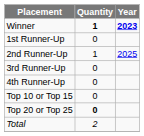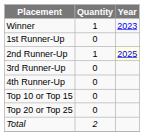 <table class="wikitable"style="font-size: 90%;">
 <tr>
 <th style="background-color:#787878;color:#FFFFFF;">Placement</th>
 <th style="background-color:#787878;color:#FFFFFF;">Quantity</th>
 <th style="background-color:#787878;color:#FFFFFF;">Year</th>
 </tr>
 <tr>
 <td>Winner</td>
-<td style="text-align:center;"><strong>1</strong></td>
-<td><strong><a href='#'>2023</a></strong></td>
+<td style="text-align:center;">1</td>
+<td><a href='#'>2023</a></td>
 </tr>
 <tr>
 <td>1st Runner-Up</td>
 <td style="text-align:center;">0</td>
 <td></td>
 </tr>
 <tr>
 <td>2nd Runner-Up</td>
 <td style="text-align:center;">1</td>
-<td><a href='#'>2025</a></td>
+<td style="background: lightyellow;"><a href='#'>2025</a></td>
 </tr>
 <tr>
 <td>3rd Runner-Up</td>
 <td style="text-align:center;">0</td>
 <td></td>
 </tr>
 <tr>
 <td>4th Runner-Up</td>
 <td style="text-align:center;">0</td>
 <td></td>
 </tr>
 <tr>
 <td>Top 10 or Top 15</td>
 <td style="text-align:center;">0</td>
 <td></td>
 </tr>
 <tr>
 <td>Top 20 or Top 25</td>
-<td style="text-align:center;"><strong>0</strong></td>
+<td style="text-align:center;">0</td>
 <td></td>
 </tr>
 <tr>
 <td><em>Total</em></td>
 <td style="text-align:center;"><em>2</em></td>
 <td></td>
 </tr>
 <tr>
 </tr>
 </table>
